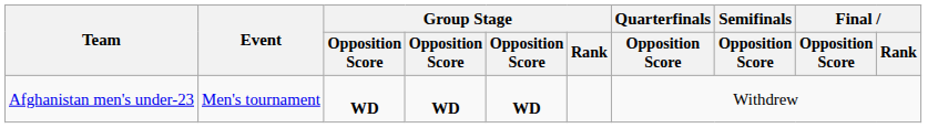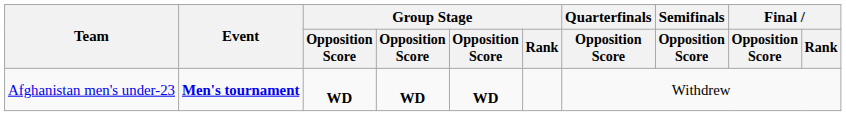 <table class=wikitable style=font-size:90%;text-align:center>
 <tr>
 <th rowspan=2>Team</th>
 <th rowspan=2>Event</th>
 <th colspan=4>Group Stage</th>
 <th>Quarterfinals</th>
 <th>Semifinals</th>
 <th colspan=2>Final / </th>
 </tr>
 <tr style=font-size:95%>
 <th>Opposition<br>Score</th>
 <th>Opposition<br>Score</th>
 <th>Opposition<br>Score</th>
 <th>Rank</th>
 <th>Opposition<br>Score</th>
 <th>Opposition<br>Score</th>
 <th>Opposition<br>Score</th>
 <th>Rank</th>
 </tr>
 <tr>
 <td align=left><a href='#'>Afghanistan men's under-23</a></td>
-<td align=left><a href='#'>Men's tournament</a></td>
+<td align=left><strong><a href='#'>Men's tournament</a></strong></td>
 <td><br><strong>WD</strong></td>
 <td><s></s><br><strong>WD</strong></td>
 <td><br><strong>WD</strong></td>
 <td></td>
 <td colspan=4>Withdrew</td>
 </tr>
 </table>
